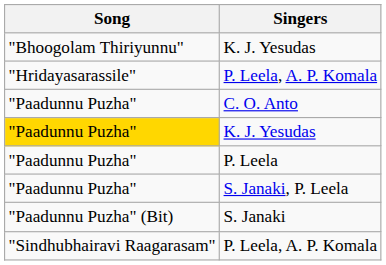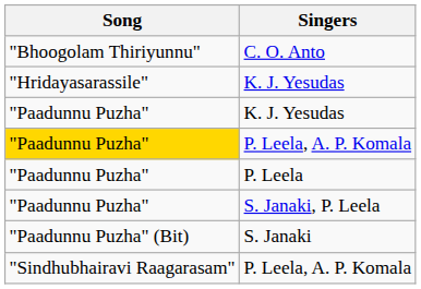 <table class="wikitable" style="font-size:95%;">
 <tr>
 <th>Song</th>
 <th>Singers</th>
 </tr>
 <tr>
 <td>"Bhoogolam Thiriyunnu"</td>
+<td><a href='#'>C. O. Anto</a></td>
+</tr>
+<tr>
+<td>"Hridayasarassile"</td>
+<td><a href='#'>K. J. Yesudas</a></td>
+</tr>
+<tr>
+<td>"Paadunnu Puzha"</td>
 <td>K. J. Yesudas</td>
 </tr>
 <tr>
-<td>"Hridayasarassile"</td>
+<td style="background: gold;">"Paadunnu Puzha"</td>
 <td><a href='#'>P. Leela</a>, <a href='#'>A. P. Komala</a></td>
-</tr>
-<tr>
-<td>"Paadunnu Puzha"</td>
-<td><a href='#'>C. O. Anto</a></td>
-</tr>
-<tr>
-<td style="background: gold;">"Paadunnu Puzha"</td>
-<td><a href='#'>K. J. Yesudas</a></td>
 </tr>
 <tr>
 <td>"Paadunnu Puzha"</td>
 <td>P. Leela</td>
 </tr>
 <tr>
 <td>"Paadunnu Puzha"</td>
 <td><a href='#'>S. Janaki</a>, P. Leela</td>
 </tr>
 <tr>
 <td>"Paadunnu Puzha" (Bit)</td>
 <td>S. Janaki</td>
 </tr>
 <tr>
 <td>"Sindhubhairavi Raagarasam"</td>
 <td>P. Leela, A. P. Komala</td>
 </tr>
 </table>
